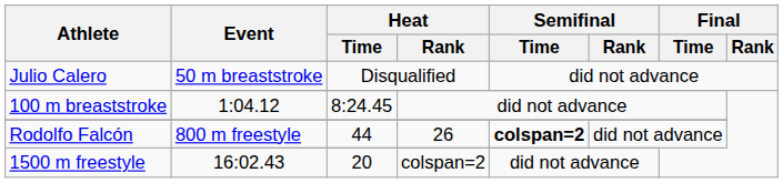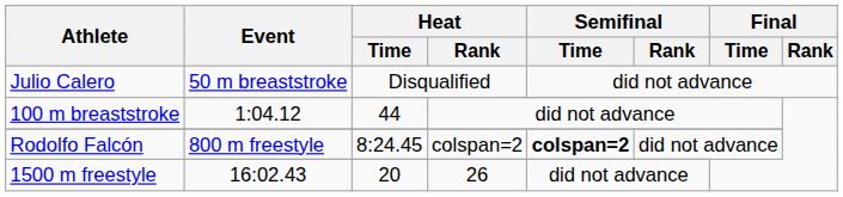 <table class=wikitable style="font-size:90%">
 <tr>
 <th rowspan="2">Athlete</th>
 <th rowspan="2">Event</th>
 <th colspan="2">Heat</th>
 <th colspan="2">Semifinal</th>
 <th colspan="2">Final</th>
 </tr>
 <tr style="font-size:95%">
 <th>Time</th>
 <th>Rank</th>
 <th>Time</th>
 <th>Rank</th>
 <th>Time</th>
 <th>Rank</th>
 </tr>
 <tr style="text-align:center">
 <td style="text-align:left" rowspan=2><a href='#'>Julio Calero</a></td>
 <td style="text-align:left"><a href='#'>50 m breaststroke</a></td>
 <td colspan=2>Disqualified</td>
 <td colspan=4>did not advance</td>
 </tr>
 <tr>
 </tr>
 <tr style="text-align:center">
 <td style="text-align:left"><a href='#'>100 m breaststroke</a></td>
 <td>1:04.12</td>
-<td>8:24.45</td>
+<td>44</td>
 <td colspan=4>did not advance</td>
 </tr>
 <tr>
 </tr>
 <tr style="text-align:center">
 <td style="text-align:left" rowspan=2><a href='#'>Rodolfo Falcón</a></td>
 <td style="text-align:left"><a href='#'>800 m freestyle</a></td>
-<td>44</td>
-<td>26</td>
+<td>8:24.45</td>
+<td>colspan=2</td>
 <td><strong>colspan=2</strong></td>
 <td colspan=2>did not advance</td>
 </tr>
 <tr>
 </tr>
 <tr style="text-align:center">
 <td style="text-align:left"><a href='#'>1500 m freestyle</a></td>
 <td>16:02.43</td>
 <td>20</td>
-<td>colspan=2</td>
+<td>26</td>
 <td colspan=2>did not advance</td>
 </tr>
 </table>
